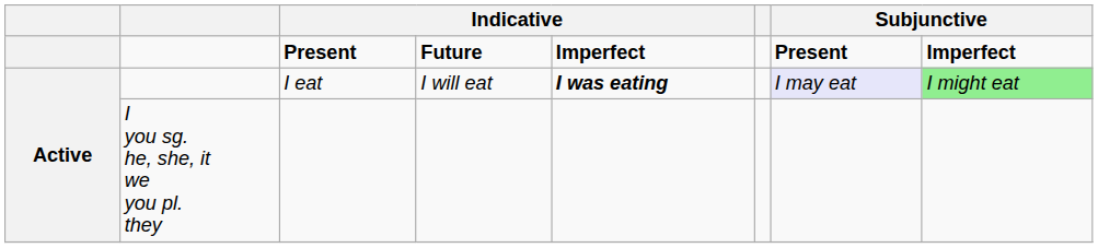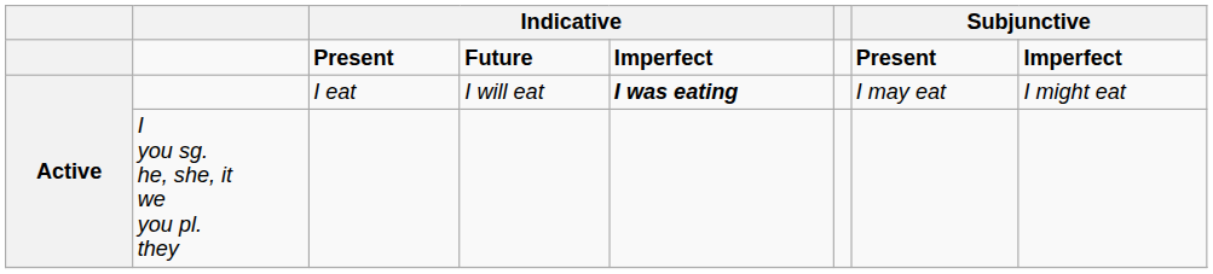 <table class="wikitable" style="width: 55em;">
 <tr>
 <th></th>
 <th></th>
 <th colspan="3">Indicative</th>
 <th></th>
 <th colspan="2">Subjunctive</th>
 </tr>
 <tr>
 <th></th>
 <td></td>
 <td><strong>Present</strong></td>
 <td><strong>Future</strong></td>
 <td><strong>Imperfect</strong></td>
 <td></td>
 <td><strong>Present</strong></td>
 <td><strong>Imperfect</strong></td>
 </tr>
 <tr>
 <th rowspan=2>Active</th>
 <td></td>
 <td><em>I eat</em></td>
 <td><em>I will eat</em></td>
 <td><strong><em>I was eating</em></strong></td>
 <td></td>
-<td style="background: lavender;"><em>I may eat</em></td>
-<td style="background: lightgreen;"><em>I might eat</em></td>
+<td><em>I may eat</em></td>
+<td><em>I might eat</em></td>
 </tr>
 <tr>
 <td><em>I<br>you sg.<br>he, she, it<br>we<br>you pl.<br>they</em></td>
 <td><strong></strong></td>
 <td><strong></strong></td>
 <td><strong></strong></td>
 <td></td>
 <td><strong></strong></td>
 <td><strong></strong></td>
 </tr>
 <tr>
 </tr>
 </table>
